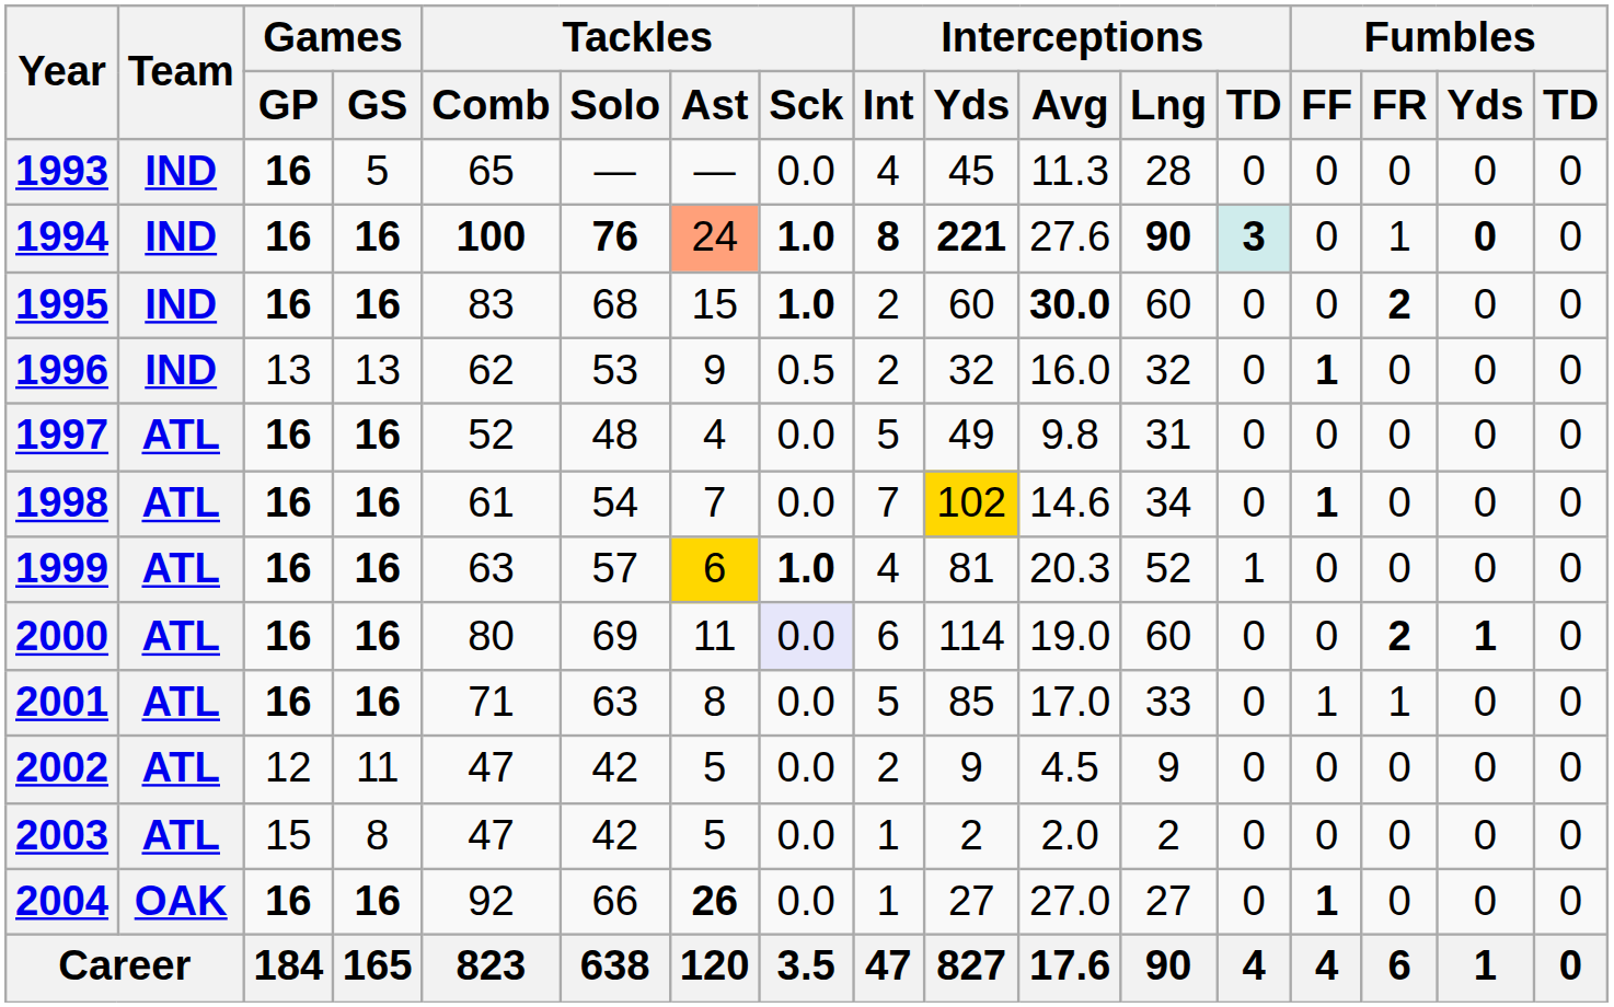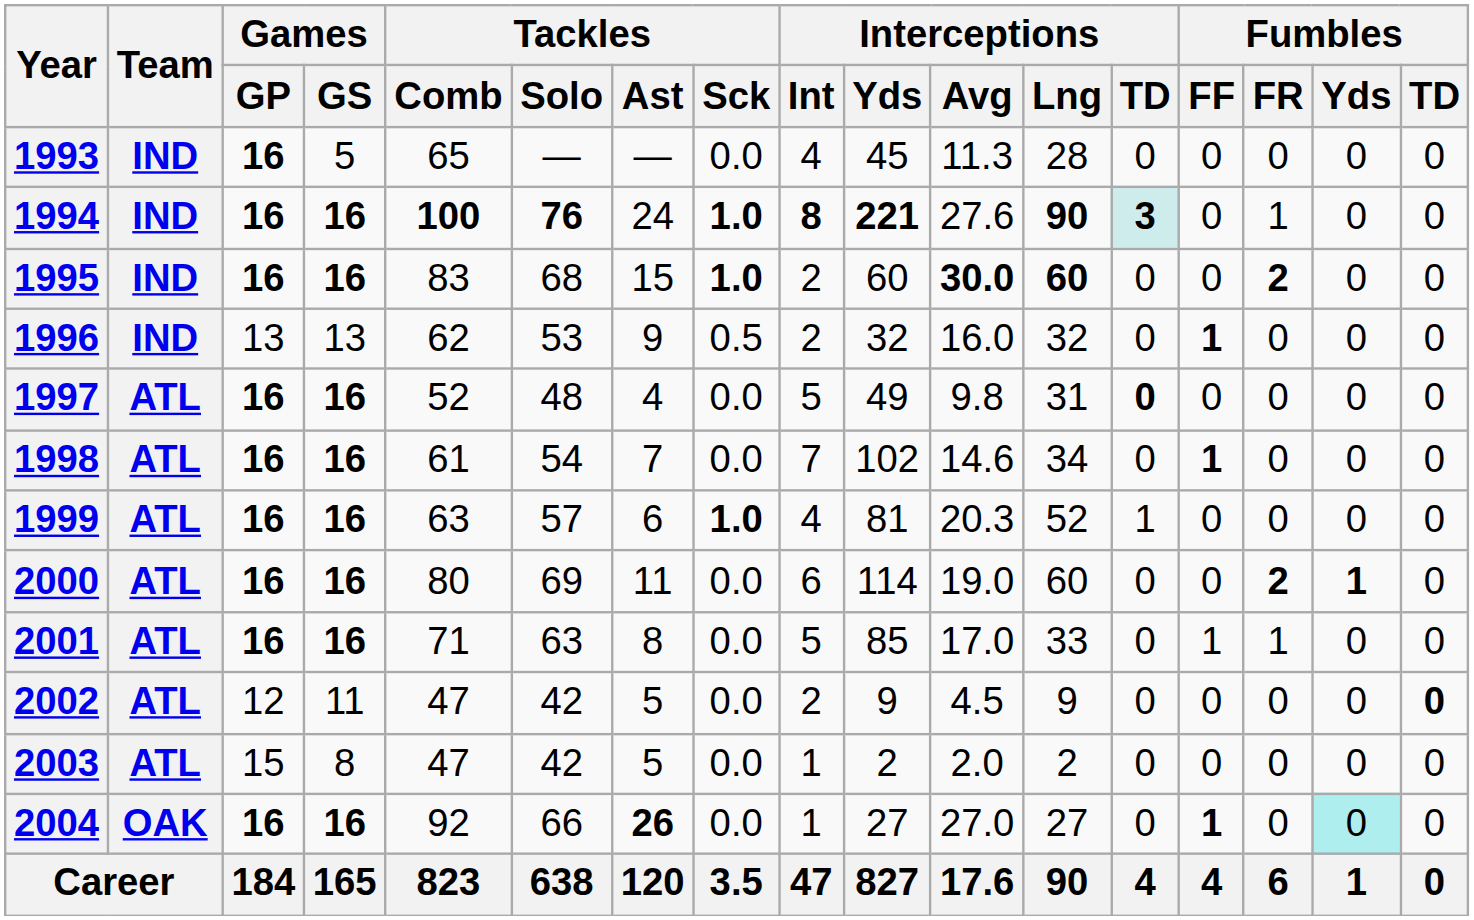 <table class="wikitable" style="text-align:center">
 <tr>
 <th rowspan="2">Year</th>
 <th rowspan="2">Team</th>
 <th colspan="2">Games</th>
 <th colspan="4">Tackles</th>
 <th colspan="5">Interceptions</th>
 <th colspan="4">Fumbles</th>
 </tr>
 <tr>
 <th>GP</th>
 <th>GS</th>
 <th>Comb</th>
 <th>Solo</th>
 <th>Ast</th>
 <th>Sck</th>
 <th>Int</th>
 <th>Yds</th>
 <th>Avg</th>
 <th>Lng</th>
 <th>TD</th>
 <th>FF</th>
 <th>FR</th>
 <th>Yds</th>
 <th>TD</th>
 </tr>
 <tr>
 <th><a href='#'>1993</a></th>
 <th><a href='#'>IND</a></th>
 <td><strong>16</strong></td>
 <td>5</td>
 <td>65</td>
 <td>—</td>
 <td>—</td>
 <td>0.0</td>
 <td>4</td>
 <td>45</td>
 <td>11.3</td>
 <td>28</td>
 <td>0</td>
 <td>0</td>
 <td>0</td>
 <td>0</td>
 <td>0</td>
 </tr>
 <tr>
 <th><a href='#'>1994</a></th>
 <th><a href='#'>IND</a></th>
 <td><strong>16</strong></td>
 <td><strong>16</strong></td>
 <td><strong>100</strong></td>
 <td><strong>76</strong></td>
-<td style="background: lightsalmon;">24</td>
+<td>24</td>
 <td><strong>1.0</strong></td>
 <td><strong>8</strong></td>
 <td><strong>221</strong></td>
 <td>27.6</td>
 <td><strong>90</strong></td>
 <td style="background:#cfecec;"><strong>3</strong></td>
 <td>0</td>
 <td>1</td>
-<td><strong>0</strong></td>
+<td>0</td>
 <td>0</td>
 </tr>
 <tr>
 <th><a href='#'>1995</a></th>
 <th><a href='#'>IND</a></th>
 <td><strong>16</strong></td>
 <td><strong>16</strong></td>
 <td>83</td>
 <td>68</td>
 <td>15</td>
 <td><strong>1.0</strong></td>
 <td>2</td>
 <td>60</td>
 <td><strong>30.0</strong></td>
-<td>60</td>
+<td><strong>60</strong></td>
 <td>0</td>
 <td>0</td>
 <td><strong>2</strong></td>
 <td>0</td>
 <td>0</td>
 </tr>
 <tr>
 <th><a href='#'>1996</a></th>
 <th><a href='#'>IND</a></th>
 <td>13</td>
 <td>13</td>
 <td>62</td>
 <td>53</td>
 <td>9</td>
 <td>0.5</td>
 <td>2</td>
 <td>32</td>
 <td>16.0</td>
 <td>32</td>
 <td>0</td>
 <td><strong>1</strong></td>
 <td>0</td>
 <td>0</td>
 <td>0</td>
 </tr>
 <tr>
 <th><a href='#'>1997</a></th>
 <th><a href='#'>ATL</a></th>
 <td><strong>16</strong></td>
 <td><strong>16</strong></td>
 <td>52</td>
 <td>48</td>
 <td>4</td>
 <td>0.0</td>
 <td>5</td>
 <td>49</td>
 <td>9.8</td>
 <td>31</td>
-<td>0</td>
+<td><strong>0</strong></td>
 <td>0</td>
 <td>0</td>
 <td>0</td>
 <td>0</td>
 </tr>
 <tr>
 <th><a href='#'>1998</a></th>
 <th><a href='#'>ATL</a></th>
 <td><strong>16</strong></td>
 <td><strong>16</strong></td>
 <td>61</td>
 <td>54</td>
 <td>7</td>
 <td>0.0</td>
 <td>7</td>
-<td style="background: gold;">102</td>
+<td>102</td>
 <td>14.6</td>
 <td>34</td>
 <td>0</td>
 <td><strong>1</strong></td>
 <td>0</td>
 <td>0</td>
 <td>0</td>
 </tr>
 <tr>
 <th><a href='#'>1999</a></th>
 <th><a href='#'>ATL</a></th>
 <td><strong>16</strong></td>
 <td><strong>16</strong></td>
 <td>63</td>
 <td>57</td>
-<td style="background: gold;">6</td>
+<td>6</td>
 <td><strong>1.0</strong></td>
 <td>4</td>
 <td>81</td>
 <td>20.3</td>
 <td>52</td>
 <td>1</td>
 <td>0</td>
 <td>0</td>
 <td>0</td>
 <td>0</td>
 </tr>
 <tr>
 <th><a href='#'>2000</a></th>
 <th><a href='#'>ATL</a></th>
 <td><strong>16</strong></td>
 <td><strong>16</strong></td>
 <td>80</td>
 <td>69</td>
 <td>11</td>
-<td style="background: lavender;">0.0</td>
+<td>0.0</td>
 <td>6</td>
 <td>114</td>
 <td>19.0</td>
 <td>60</td>
 <td>0</td>
 <td>0</td>
 <td><strong>2</strong></td>
 <td><strong>1</strong></td>
 <td>0</td>
 </tr>
 <tr>
 <th><a href='#'>2001</a></th>
 <th><a href='#'>ATL</a></th>
 <td><strong>16</strong></td>
 <td><strong>16</strong></td>
 <td>71</td>
 <td>63</td>
 <td>8</td>
 <td>0.0</td>
 <td>5</td>
 <td>85</td>
 <td>17.0</td>
 <td>33</td>
 <td>0</td>
 <td>1</td>
 <td>1</td>
 <td>0</td>
 <td>0</td>
 </tr>
 <tr>
 <th><a href='#'>2002</a></th>
 <th><a href='#'>ATL</a></th>
 <td>12</td>
 <td>11</td>
 <td>47</td>
 <td>42</td>
 <td>5</td>
 <td>0.0</td>
 <td>2</td>
 <td>9</td>
 <td>4.5</td>
 <td>9</td>
 <td>0</td>
 <td>0</td>
 <td>0</td>
 <td>0</td>
-<td>0</td>
+<td><strong>0</strong></td>
 </tr>
 <tr>
 <th><a href='#'>2003</a></th>
 <th><a href='#'>ATL</a></th>
 <td>15</td>
 <td>8</td>
 <td>47</td>
 <td>42</td>
 <td>5</td>
 <td>0.0</td>
 <td>1</td>
 <td>2</td>
 <td>2.0</td>
 <td>2</td>
 <td>0</td>
 <td>0</td>
 <td>0</td>
 <td>0</td>
 <td>0</td>
 </tr>
 <tr>
 <th><a href='#'>2004</a></th>
 <th><a href='#'>OAK</a></th>
 <td><strong>16</strong></td>
 <td><strong>16</strong></td>
 <td>92</td>
 <td>66</td>
 <td><strong>26</strong></td>
 <td>0.0</td>
 <td>1</td>
 <td>27</td>
 <td>27.0</td>
 <td>27</td>
 <td>0</td>
 <td><strong>1</strong></td>
 <td>0</td>
-<td>0</td>
+<td style="background: paleturquoise;">0</td>
 <td>0</td>
 </tr>
 <tr>
 <th colspan="2">Career</th>
 <th>184</th>
 <th>165</th>
 <th>823</th>
 <th>638</th>
 <th>120</th>
 <th>3.5</th>
 <th>47</th>
 <th>827</th>
 <th>17.6</th>
 <th>90</th>
 <th>4</th>
 <th>4</th>
 <th>6</th>
 <th>1</th>
 <th>0</th>
 </tr>
 </table>
